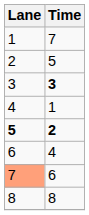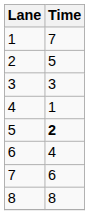 <table class="wikitable">
 <tr>
 <th>Lane</th>
 <th>Time</th>
 </tr>
 <tr>
 <td>1</td>
 <td>7</td>
 </tr>
 <tr>
 <td>2</td>
 <td>5</td>
 </tr>
 <tr>
 <td>3</td>
-<td><strong>3</strong></td>
+<td>3</td>
 </tr>
 <tr>
 <td>4</td>
 <td>1</td>
 </tr>
 <tr>
-<td><strong>5</strong></td>
+<td>5</td>
 <td><strong>2</strong></td>
 </tr>
 <tr>
 <td>6</td>
 <td>4</td>
 </tr>
 <tr>
-<td style="background: lightsalmon;">7</td>
+<td>7</td>
 <td>6</td>
 </tr>
 <tr>
 <td>8</td>
 <td>8</td>
 </tr>
 <tr>
 </tr>
 </table>
